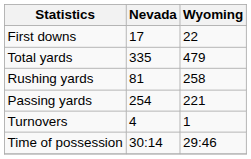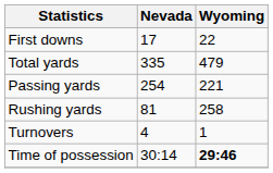 <table class="wikitable">
 <tr>
 <th>Statistics</th>
 <th>Nevada</th>
 <th>Wyoming</th>
 </tr>
 <tr>
 <td>First downs</td>
 <td>17</td>
 <td>22</td>
 </tr>
 <tr>
 <td>Total yards</td>
 <td>335</td>
 <td>479</td>
 </tr>
 <tr>
+<td>Passing yards</td>
+<td>254</td>
+<td>221</td>
+</tr>
+<tr>
 <td>Rushing yards</td>
 <td>81</td>
 <td>258</td>
-</tr>
-<tr>
-<td>Passing yards</td>
-<td>254</td>
-<td>221</td>
 </tr>
 <tr>
 <td>Turnovers</td>
 <td>4</td>
 <td>1</td>
 </tr>
 <tr>
 <td>Time of possession</td>
 <td>30:14</td>
-<td>29:46</td>
+<td><strong>29:46</strong></td>
 </tr>
 <tr>
 </tr>
 </table>
